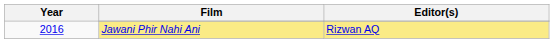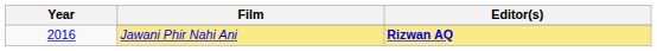 <table class="wikitable">
 <tr>
 <th width="8%">Year</th>
 <th width="19%">Film</th>
 <th width="19%">Editor(s)</th>
 </tr>
 <tr>
 <td rowspan=2 style="text-align:center"><a href='#'>2016</a><br></td>
 </tr>
 <tr style="background:#FAEB86">
 <td><em><a href='#'>Jawani Phir Nahi Ani</a></em></td>
-<td><a href='#'>Rizwan AQ</a></td>
+<td><strong><a href='#'>Rizwan AQ</a></strong></td>
 </tr>
 </table>
